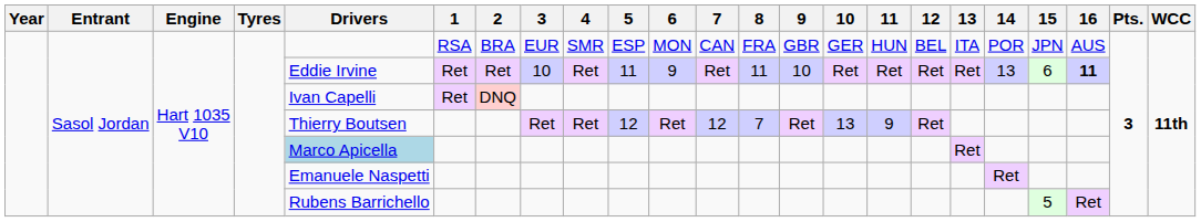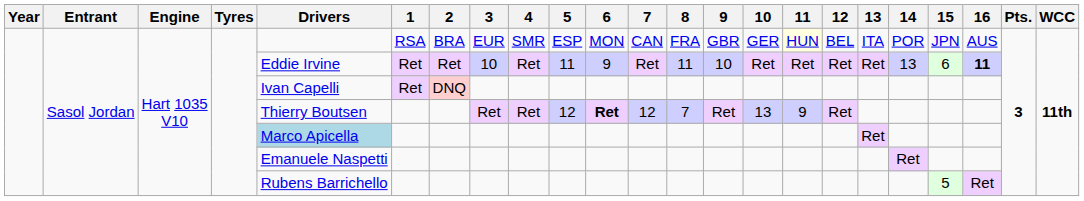 <table class="wikitable" style="text-align:center; font-size:95%">
 <tr>
 <th>Year</th>
 <th>Entrant</th>
 <th>Engine</th>
 <th>Tyres</th>
 <th>Drivers</th>
 <th>1</th>
 <th>2</th>
 <th>3</th>
 <th>4</th>
 <th>5</th>
 <th>6</th>
 <th>7</th>
 <th>8</th>
 <th>9</th>
 <th>10</th>
 <th>11</th>
 <th>12</th>
 <th>13</th>
 <th>14</th>
 <th>15</th>
 <th>16</th>
 <th>Pts.</th>
 <th>WCC</th>
 </tr>
 <tr>
 <td rowspan="7"></td>
 <td rowspan="7"><a href='#'>Sasol</a> <a href='#'>Jordan</a></td>
 <td rowspan="7"><a href='#'>Hart</a> <a href='#'>1035</a><br><a href='#'>V10</a></td>
 <td rowspan="7"></td>
 <td></td>
 <td><a href='#'>RSA</a></td>
 <td><a href='#'>BRA</a></td>
 <td><a href='#'>EUR</a></td>
 <td><a href='#'>SMR</a></td>
 <td><a href='#'>ESP</a></td>
 <td><a href='#'>MON</a></td>
 <td><a href='#'>CAN</a></td>
 <td><a href='#'>FRA</a></td>
 <td><a href='#'>GBR</a></td>
 <td><a href='#'>GER</a></td>
-<td><a href='#'>HUN</a></td>
+<td style="background: lightyellow;"><a href='#'>HUN</a></td>
 <td><a href='#'>BEL</a></td>
 <td><a href='#'>ITA</a></td>
 <td><a href='#'>POR</a></td>
 <td><a href='#'>JPN</a></td>
 <td><a href='#'>AUS</a></td>
 <td rowspan="7"><strong>3</strong></td>
 <td rowspan="7"><strong>11th</strong></td>
 </tr>
 <tr>
 <td align="left"><a href='#'>Eddie Irvine</a></td>
 <td style="background:#efcfff;">Ret</td>
 <td style="background:#efcfff;">Ret</td>
 <td style="background:#cfcfff;">10</td>
 <td style="background:#efcfff;">Ret</td>
 <td style="background:#cfcfff;">11</td>
 <td style="background:#cfcfff;">9</td>
 <td style="background:#efcfff;">Ret</td>
 <td style="background:#cfcfff;">11</td>
 <td style="background:#cfcfff;">10</td>
 <td style="background:#efcfff;">Ret</td>
 <td style="background:#efcfff;">Ret</td>
 <td style="background:#efcfff;">Ret</td>
 <td style="background:#efcfff;">Ret</td>
 <td style="background:#cfcfff;">13</td>
 <td style="background:#dfffdf;">6</td>
 <td style="background:#cfcfff;"><strong>11</strong></td>
 </tr>
 <tr>
 <td align="left"><a href='#'>Ivan Capelli</a></td>
 <td style="background:#efcfff;">Ret</td>
 <td style="background:#ffcfcf;">DNQ</td>
 <td></td>
 <td></td>
 <td></td>
 <td></td>
 <td></td>
 <td></td>
 <td></td>
 <td></td>
 <td></td>
 <td></td>
 <td></td>
 <td></td>
 <td></td>
 <td></td>
 </tr>
 <tr>
 <td align="left"><a href='#'>Thierry Boutsen</a></td>
 <td></td>
 <td></td>
 <td style="background:#efcfff;">Ret</td>
 <td style="background:#efcfff;">Ret</td>
 <td style="background:#cfcfff;">12</td>
-<td style="background:#efcfff;">Ret</td>
+<td style="background:#efcfff;"><strong>Ret</strong></td>
 <td style="background:#cfcfff;">12</td>
 <td style="background:#cfcfff;">7</td>
 <td style="background:#efcfff;">Ret</td>
 <td style="background:#cfcfff;">13</td>
 <td style="background:#cfcfff;">9</td>
 <td style="background:#efcfff;">Ret</td>
 <td></td>
 <td></td>
 <td></td>
 <td></td>
 </tr>
 <tr>
 <td align="left" style="background: lightblue;"><a href='#'>Marco Apicella</a></td>
 <td></td>
 <td></td>
 <td></td>
 <td></td>
 <td></td>
 <td></td>
 <td></td>
 <td></td>
 <td></td>
 <td></td>
 <td></td>
 <td></td>
 <td style="background:#efcfff;">Ret</td>
 <td></td>
 <td></td>
 <td></td>
 </tr>
 <tr>
 <td align="left"><a href='#'>Emanuele Naspetti</a></td>
 <td></td>
 <td></td>
 <td></td>
 <td></td>
 <td></td>
 <td></td>
 <td></td>
 <td></td>
 <td></td>
 <td></td>
 <td></td>
 <td></td>
 <td></td>
 <td style="background:#efcfff;">Ret</td>
 <td></td>
 <td></td>
 </tr>
 <tr>
 <td align="left"><a href='#'>Rubens Barrichello</a></td>
 <td></td>
 <td></td>
 <td></td>
 <td></td>
 <td></td>
 <td></td>
 <td></td>
 <td></td>
 <td></td>
 <td></td>
 <td></td>
 <td></td>
 <td></td>
 <td></td>
 <td style="background:#dfffdf;">5</td>
 <td style="background:#efcfff;">Ret</td>
 </tr>
 </table>
